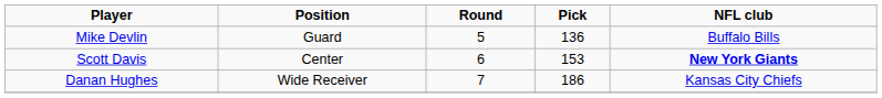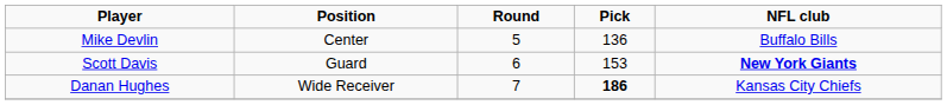 <table class="wikitable" width="80%">
 <tr align="center">
 <td><strong>Player</strong></td>
 <td><strong>Position</strong></td>
 <td><strong>Round</strong></td>
 <td><strong>Pick</strong></td>
 <td><strong>NFL club</strong></td>
 </tr>
 <tr align="center" bgcolor="">
 <td><a href='#'>Mike Devlin</a></td>
-<td>Guard</td>
+<td>Center</td>
 <td>5</td>
 <td>136</td>
 <td><a href='#'>Buffalo Bills</a></td>
 </tr>
 <tr align="center" bgcolor="">
 <td><a href='#'>Scott Davis</a></td>
-<td>Center</td>
+<td>Guard</td>
 <td>6</td>
 <td>153</td>
 <td><strong><a href='#'>New York Giants</a></strong></td>
 </tr>
 <tr align="center" bgcolor="">
 <td><a href='#'>Danan Hughes</a></td>
 <td>Wide Receiver</td>
 <td>7</td>
-<td>186</td>
+<td><strong>186</strong></td>
 <td><a href='#'>Kansas City Chiefs</a></td>
 </tr>
 <tr align="center" bgcolor="">
 </tr>
 </table>
